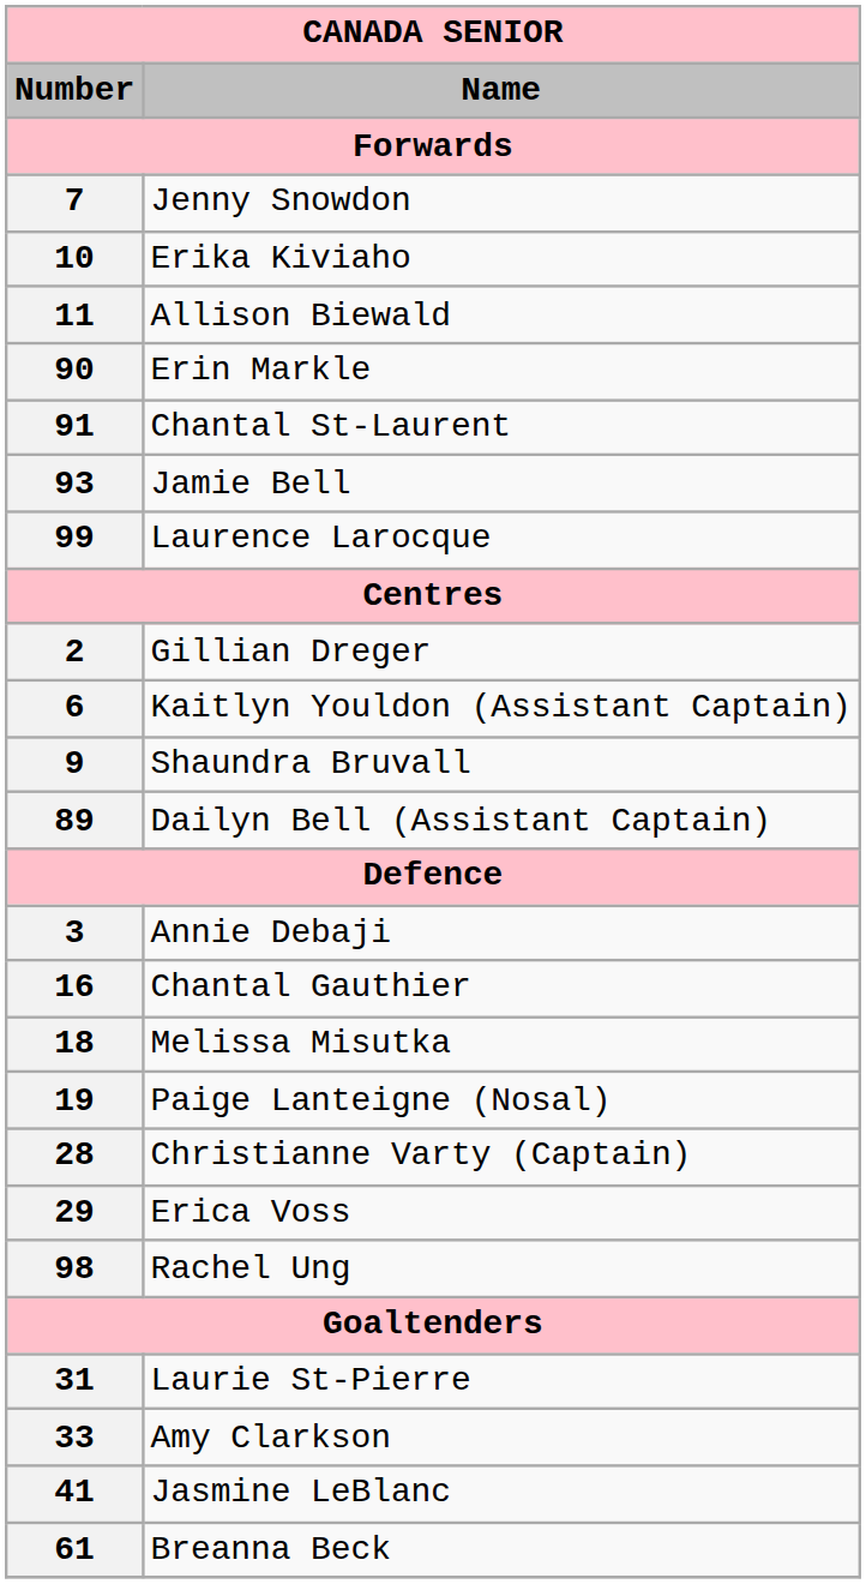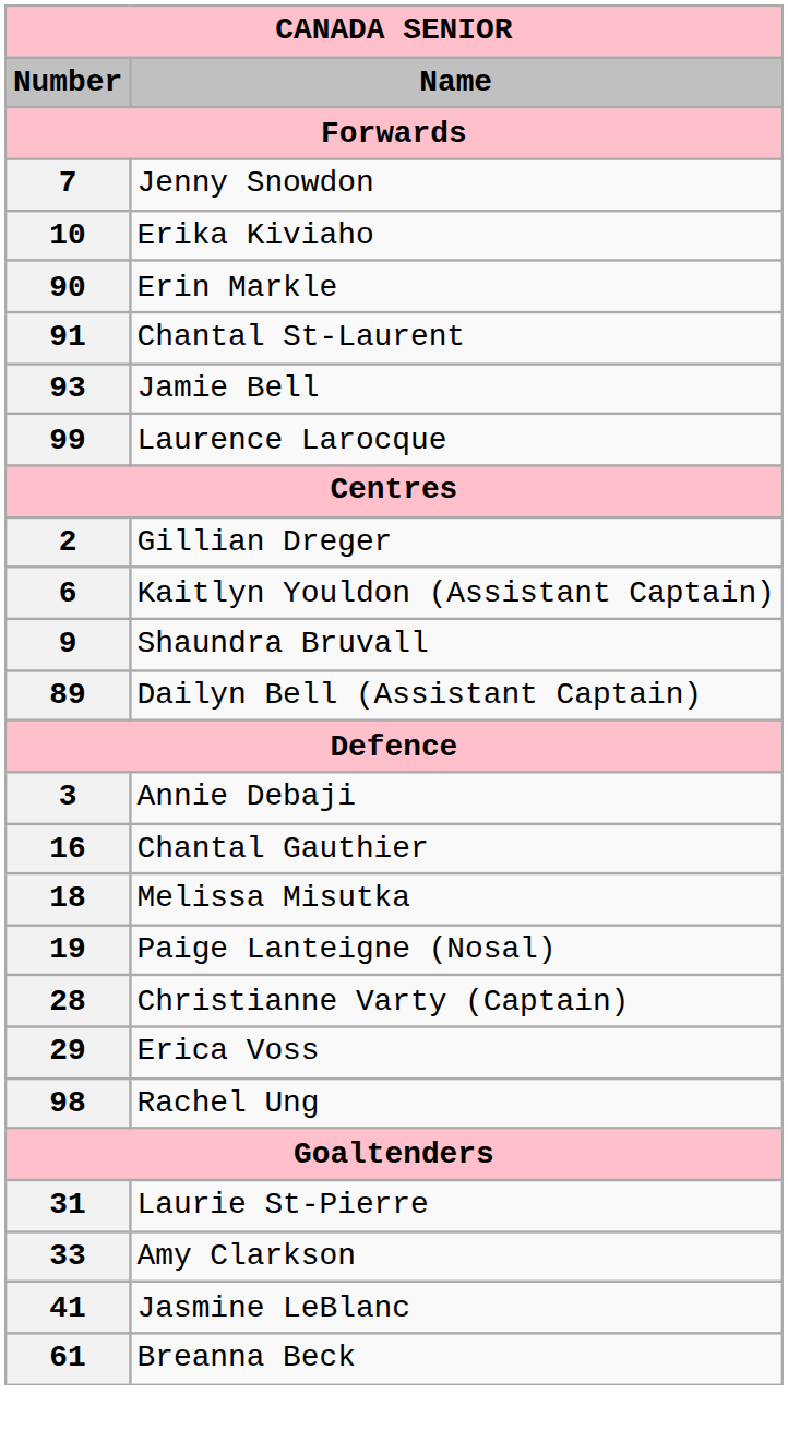 <table class="wikitable" style="text-align:left; font-size:90%;">
 <tr>
 <th style=background:pink colspan=2>CANADA SENIOR</th>
 </tr>
 <tr>
 <th width=10 style="background:silver;">Number</th>
 <th style="background:silver;">Name</th>
 </tr>
 <tr>
 <th style=background:pink colspan=2>Forwards</th>
 </tr>
 <tr>
 <th>7</th>
 <td>Jenny Snowdon</td>
 </tr>
 <tr>
 <th>10</th>
 <td>Erika Kiviaho</td>
-</tr>
-<tr>
-<th>11</th>
-<td>Allison Biewald</td>
 </tr>
 <tr>
 <th>90</th>
 <td>Erin Markle</td>
 </tr>
 <tr>
 <th>91</th>
 <td>Chantal St-Laurent</td>
 </tr>
 <tr>
 <th>93</th>
 <td>Jamie Bell</td>
 </tr>
 <tr>
 <th>99</th>
 <td>Laurence Larocque</td>
 </tr>
 <tr>
 <th style=background:pink colspan=2>Centres</th>
 </tr>
 <tr>
 <th>2</th>
 <td>Gillian Dreger</td>
 </tr>
 <tr>
 <th>6</th>
 <td>Kaitlyn Youldon (Assistant Captain)</td>
 </tr>
 <tr>
 <th>9</th>
 <td>Shaundra Bruvall</td>
 </tr>
 <tr>
 <th>89</th>
 <td>Dailyn Bell (Assistant Captain)</td>
 </tr>
 <tr>
 <th style=background:pink colspan=2>Defence</th>
 </tr>
 <tr>
 <th>3</th>
 <td>Annie Debaji</td>
 </tr>
 <tr>
 <th>16</th>
 <td>Chantal Gauthier</td>
 </tr>
 <tr>
 <th>18</th>
 <td>Melissa Misutka</td>
 </tr>
 <tr>
 <th>19</th>
 <td>Paige Lanteigne (Nosal)</td>
 </tr>
 <tr>
 <th>28</th>
 <td>Christianne Varty (Captain)</td>
 </tr>
 <tr>
 <th>29</th>
 <td>Erica Voss</td>
 </tr>
 <tr>
 <th>98</th>
 <td>Rachel Ung</td>
 </tr>
 <tr>
 <th style=background:pink colspan=2>Goaltenders</th>
 </tr>
 <tr>
 <th>31</th>
 <td>Laurie St-Pierre</td>
 </tr>
 <tr>
 <th>33</th>
 <td>Amy Clarkson</td>
 </tr>
 <tr>
 <th>41</th>
 <td>Jasmine LeBlanc</td>
 </tr>
 <tr>
 <th>61</th>
 <td>Breanna Beck</td>
 </tr>
 <tr>
 </tr>
 </table>
